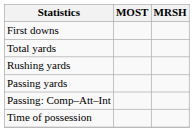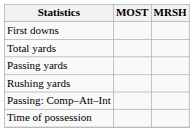 <table class="wikitable" style="float: left;">
 <tr>
 <th>Statistics</th>
 <th>MOST</th>
 <th>MRSH</th>
 </tr>
 <tr>
 <td>First downs</td>
 <td></td>
 <td></td>
 </tr>
 <tr>
 <td>Total yards</td>
 <td></td>
 <td></td>
 </tr>
 <tr>
-<td>Rushing yards</td>
+<td>Passing yards</td>
 <td></td>
 <td></td>
 </tr>
 <tr>
-<td>Passing yards</td>
+<td>Rushing yards</td>
 <td></td>
 <td></td>
 </tr>
 <tr>
 <td>Passing: Comp–Att–Int</td>
 <td></td>
 <td></td>
 </tr>
 <tr>
 <td>Time of possession</td>
 <td></td>
 <td></td>
 </tr>
 <tr>
 </tr>
 </table>
